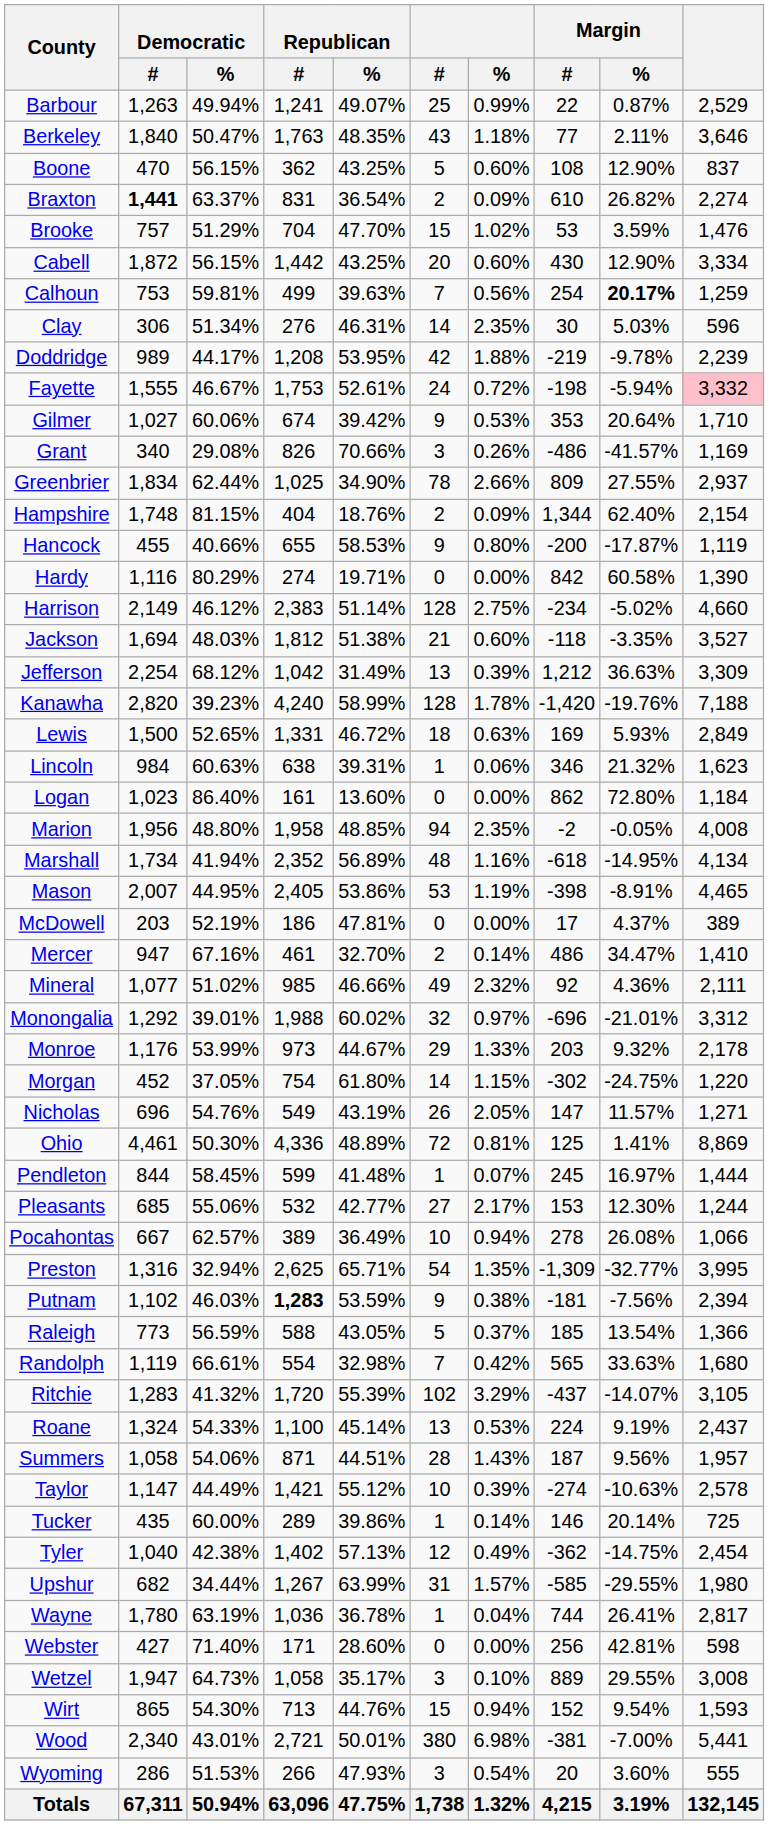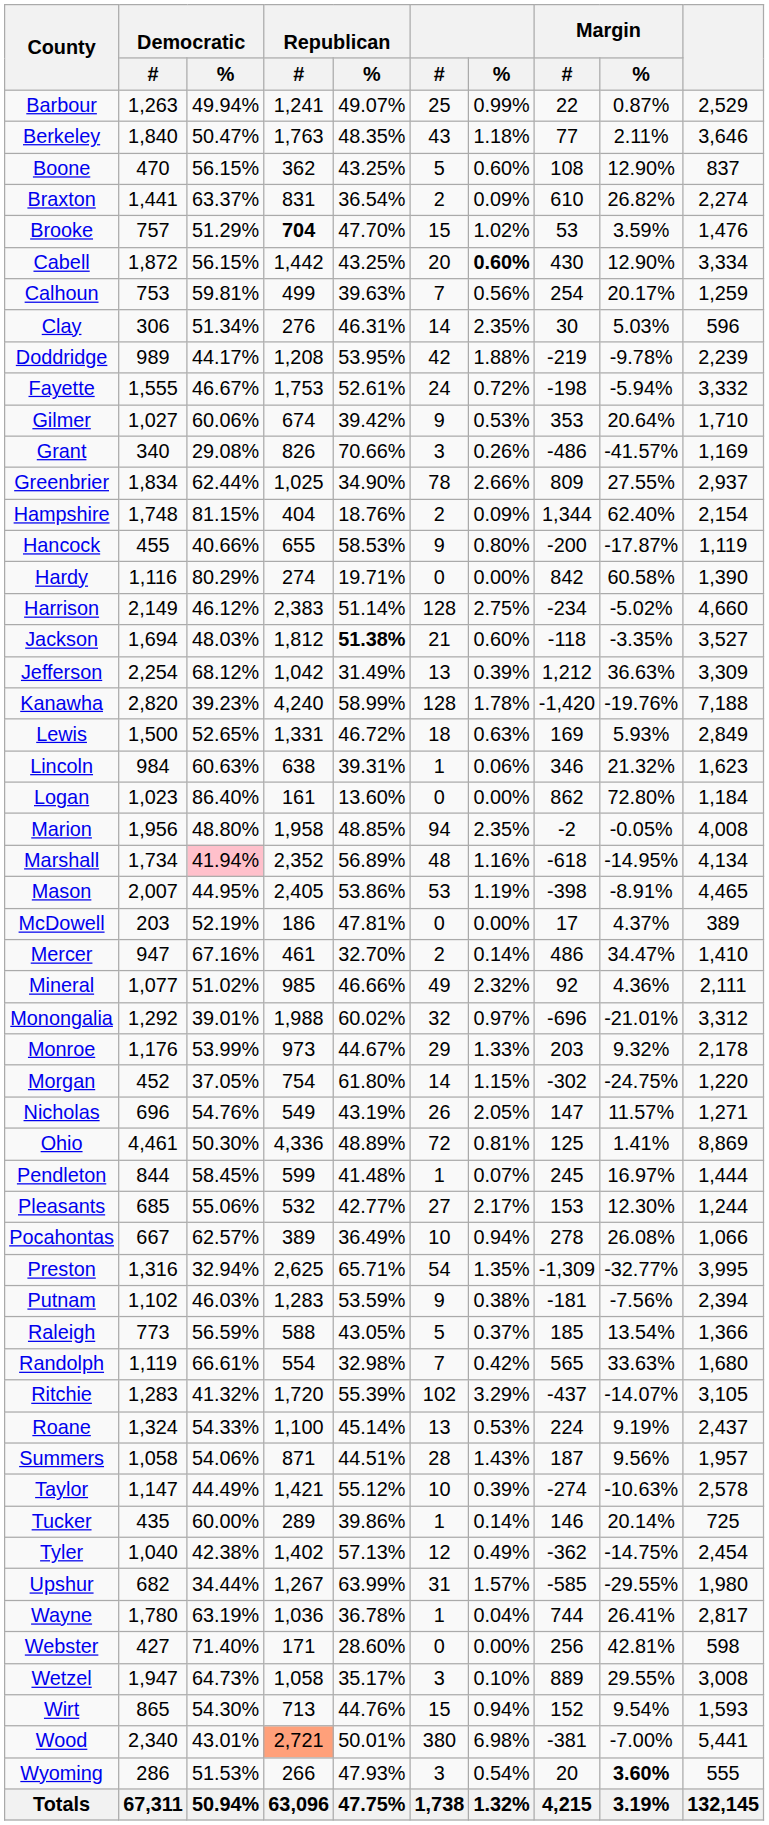 <table class="wikitable sortable mw-collapsible mw-collapsed">
 <tr>
 <th rowspan="2">County</th>
 <th colspan="2"><br>Democratic</th>
 <th colspan="2"><br>Republican</th>
 <th colspan="2"><br></th>
 <th colspan="2">Margin</th>
 <th rowspan="2"></th>
 </tr>
 <tr>
 <th data-sort-type="number">#</th>
 <th data-sort-type="number">%</th>
 <th data-sort-type="number">#</th>
 <th data-sort-type="number">%</th>
 <th data-sort-type="number">#</th>
 <th data-sort-type="number">%</th>
 <th data-sort-type="number">#</th>
 <th data-sort-type="number">%</th>
 </tr>
 <tr style="text-align:center;">
 <td><a href='#'>Barbour</a></td>
 <td>1,263</td>
 <td>49.94%</td>
 <td>1,241</td>
 <td>49.07%</td>
 <td>25</td>
 <td>0.99%</td>
 <td>22</td>
 <td>0.87%</td>
 <td>2,529</td>
 </tr>
 <tr style="text-align:center;">
 <td><a href='#'>Berkeley</a></td>
 <td>1,840</td>
 <td>50.47%</td>
 <td>1,763</td>
 <td>48.35%</td>
 <td>43</td>
 <td>1.18%</td>
 <td>77</td>
 <td>2.11%</td>
 <td>3,646</td>
 </tr>
 <tr style="text-align:center;">
 <td><a href='#'>Boone</a></td>
 <td>470</td>
 <td>56.15%</td>
 <td>362</td>
 <td>43.25%</td>
 <td>5</td>
 <td>0.60%</td>
 <td>108</td>
 <td>12.90%</td>
 <td>837</td>
 </tr>
 <tr style="text-align:center;">
 <td><a href='#'>Braxton</a></td>
-<td><strong>1,441</strong></td>
+<td>1,441</td>
 <td>63.37%</td>
 <td>831</td>
 <td>36.54%</td>
 <td>2</td>
 <td>0.09%</td>
 <td>610</td>
 <td>26.82%</td>
 <td>2,274</td>
 </tr>
 <tr style="text-align:center;">
 <td><a href='#'>Brooke</a></td>
 <td>757</td>
 <td>51.29%</td>
-<td>704</td>
+<td><strong>704</strong></td>
 <td>47.70%</td>
 <td>15</td>
 <td>1.02%</td>
 <td>53</td>
 <td>3.59%</td>
 <td>1,476</td>
 </tr>
 <tr style="text-align:center;">
 <td><a href='#'>Cabell</a></td>
 <td>1,872</td>
 <td>56.15%</td>
 <td>1,442</td>
 <td>43.25%</td>
 <td>20</td>
-<td>0.60%</td>
+<td><strong>0.60%</strong></td>
 <td>430</td>
 <td>12.90%</td>
 <td>3,334</td>
 </tr>
 <tr style="text-align:center;">
 <td><a href='#'>Calhoun</a></td>
 <td>753</td>
 <td>59.81%</td>
 <td>499</td>
 <td>39.63%</td>
 <td>7</td>
 <td>0.56%</td>
 <td>254</td>
-<td><strong>20.17%</strong></td>
+<td>20.17%</td>
 <td>1,259</td>
 </tr>
 <tr style="text-align:center;">
 <td><a href='#'>Clay</a></td>
 <td>306</td>
 <td>51.34%</td>
 <td>276</td>
 <td>46.31%</td>
 <td>14</td>
 <td>2.35%</td>
 <td>30</td>
 <td>5.03%</td>
 <td>596</td>
 </tr>
 <tr style="text-align:center;">
 <td><a href='#'>Doddridge</a></td>
 <td>989</td>
 <td>44.17%</td>
 <td>1,208</td>
 <td>53.95%</td>
 <td>42</td>
 <td>1.88%</td>
 <td>-219</td>
 <td>-9.78%</td>
 <td>2,239</td>
 </tr>
 <tr style="text-align:center;">
 <td><a href='#'>Fayette</a></td>
 <td>1,555</td>
 <td>46.67%</td>
 <td>1,753</td>
 <td>52.61%</td>
 <td>24</td>
 <td>0.72%</td>
 <td>-198</td>
 <td>-5.94%</td>
-<td style="background: pink;">3,332</td>
+<td>3,332</td>
 </tr>
 <tr style="text-align:center;">
 <td><a href='#'>Gilmer</a></td>
 <td>1,027</td>
 <td>60.06%</td>
 <td>674</td>
 <td>39.42%</td>
 <td>9</td>
 <td>0.53%</td>
 <td>353</td>
 <td>20.64%</td>
 <td>1,710</td>
 </tr>
 <tr style="text-align:center;">
 <td><a href='#'>Grant</a></td>
 <td>340</td>
 <td>29.08%</td>
 <td>826</td>
 <td>70.66%</td>
 <td>3</td>
 <td>0.26%</td>
 <td>-486</td>
 <td>-41.57%</td>
 <td>1,169</td>
 </tr>
 <tr style="text-align:center;">
 <td><a href='#'>Greenbrier</a></td>
 <td>1,834</td>
 <td>62.44%</td>
 <td>1,025</td>
 <td>34.90%</td>
 <td>78</td>
 <td>2.66%</td>
 <td>809</td>
 <td>27.55%</td>
 <td>2,937</td>
 </tr>
 <tr style="text-align:center;">
 <td><a href='#'>Hampshire</a></td>
 <td>1,748</td>
 <td>81.15%</td>
 <td>404</td>
 <td>18.76%</td>
 <td>2</td>
 <td>0.09%</td>
 <td>1,344</td>
 <td>62.40%</td>
 <td>2,154</td>
 </tr>
 <tr style="text-align:center;">
 <td><a href='#'>Hancock</a></td>
 <td>455</td>
 <td>40.66%</td>
 <td>655</td>
 <td>58.53%</td>
 <td>9</td>
 <td>0.80%</td>
 <td>-200</td>
 <td>-17.87%</td>
 <td>1,119</td>
 </tr>
 <tr style="text-align:center;">
 <td><a href='#'>Hardy</a></td>
 <td>1,116</td>
 <td>80.29%</td>
 <td>274</td>
 <td>19.71%</td>
 <td>0</td>
 <td>0.00%</td>
 <td>842</td>
 <td>60.58%</td>
 <td>1,390</td>
 </tr>
 <tr style="text-align:center;">
 <td><a href='#'>Harrison</a></td>
 <td>2,149</td>
 <td>46.12%</td>
 <td>2,383</td>
 <td>51.14%</td>
 <td>128</td>
 <td>2.75%</td>
 <td>-234</td>
 <td>-5.02%</td>
 <td>4,660</td>
 </tr>
 <tr style="text-align:center;">
 <td><a href='#'>Jackson</a></td>
 <td>1,694</td>
 <td>48.03%</td>
 <td>1,812</td>
-<td>51.38%</td>
+<td><strong>51.38%</strong></td>
 <td>21</td>
 <td>0.60%</td>
 <td>-118</td>
 <td>-3.35%</td>
 <td>3,527</td>
 </tr>
 <tr style="text-align:center;">
 <td><a href='#'>Jefferson</a></td>
 <td>2,254</td>
 <td>68.12%</td>
 <td>1,042</td>
 <td>31.49%</td>
 <td>13</td>
 <td>0.39%</td>
 <td>1,212</td>
 <td>36.63%</td>
 <td>3,309</td>
 </tr>
 <tr style="text-align:center;">
 <td><a href='#'>Kanawha</a></td>
 <td>2,820</td>
 <td>39.23%</td>
 <td>4,240</td>
 <td>58.99%</td>
 <td>128</td>
 <td>1.78%</td>
 <td>-1,420</td>
 <td>-19.76%</td>
 <td>7,188</td>
 </tr>
 <tr style="text-align:center;">
 <td><a href='#'>Lewis</a></td>
 <td>1,500</td>
 <td>52.65%</td>
 <td>1,331</td>
 <td>46.72%</td>
 <td>18</td>
 <td>0.63%</td>
 <td>169</td>
 <td>5.93%</td>
 <td>2,849</td>
 </tr>
 <tr style="text-align:center;">
 <td><a href='#'>Lincoln</a></td>
 <td>984</td>
 <td>60.63%</td>
 <td>638</td>
 <td>39.31%</td>
 <td>1</td>
 <td>0.06%</td>
 <td>346</td>
 <td>21.32%</td>
 <td>1,623</td>
 </tr>
 <tr style="text-align:center;">
 <td><a href='#'>Logan</a></td>
 <td>1,023</td>
 <td>86.40%</td>
 <td>161</td>
 <td>13.60%</td>
 <td>0</td>
 <td>0.00%</td>
 <td>862</td>
 <td>72.80%</td>
 <td>1,184</td>
 </tr>
 <tr style="text-align:center;">
 <td><a href='#'>Marion</a></td>
 <td>1,956</td>
 <td>48.80%</td>
 <td>1,958</td>
 <td>48.85%</td>
 <td>94</td>
 <td>2.35%</td>
 <td>-2</td>
 <td>-0.05%</td>
 <td>4,008</td>
 </tr>
 <tr style="text-align:center;">
 <td><a href='#'>Marshall</a></td>
 <td>1,734</td>
-<td>41.94%</td>
+<td style="background: pink;">41.94%</td>
 <td>2,352</td>
 <td>56.89%</td>
 <td>48</td>
 <td>1.16%</td>
 <td>-618</td>
 <td>-14.95%</td>
 <td>4,134</td>
 </tr>
 <tr style="text-align:center;">
 <td><a href='#'>Mason</a></td>
 <td>2,007</td>
 <td>44.95%</td>
 <td>2,405</td>
 <td>53.86%</td>
 <td>53</td>
 <td>1.19%</td>
 <td>-398</td>
 <td>-8.91%</td>
 <td>4,465</td>
 </tr>
 <tr style="text-align:center;">
 <td><a href='#'>McDowell</a></td>
 <td>203</td>
 <td>52.19%</td>
 <td>186</td>
 <td>47.81%</td>
 <td>0</td>
 <td>0.00%</td>
 <td>17</td>
 <td>4.37%</td>
 <td>389</td>
 </tr>
 <tr style="text-align:center;">
 <td><a href='#'>Mercer</a></td>
 <td>947</td>
 <td>67.16%</td>
 <td>461</td>
 <td>32.70%</td>
 <td>2</td>
 <td>0.14%</td>
 <td>486</td>
 <td>34.47%</td>
 <td>1,410</td>
 </tr>
 <tr style="text-align:center;">
 <td><a href='#'>Mineral</a></td>
 <td>1,077</td>
 <td>51.02%</td>
 <td>985</td>
 <td>46.66%</td>
 <td>49</td>
 <td>2.32%</td>
 <td>92</td>
 <td>4.36%</td>
 <td>2,111</td>
 </tr>
 <tr style="text-align:center;">
 <td><a href='#'>Monongalia</a></td>
 <td>1,292</td>
 <td>39.01%</td>
 <td>1,988</td>
 <td>60.02%</td>
 <td>32</td>
 <td>0.97%</td>
 <td>-696</td>
 <td>-21.01%</td>
 <td>3,312</td>
 </tr>
 <tr style="text-align:center;">
 <td><a href='#'>Monroe</a></td>
 <td>1,176</td>
 <td>53.99%</td>
 <td>973</td>
 <td>44.67%</td>
 <td>29</td>
 <td>1.33%</td>
 <td>203</td>
 <td>9.32%</td>
 <td>2,178</td>
 </tr>
 <tr style="text-align:center;">
 <td><a href='#'>Morgan</a></td>
 <td>452</td>
 <td>37.05%</td>
 <td>754</td>
 <td>61.80%</td>
 <td>14</td>
 <td>1.15%</td>
 <td>-302</td>
 <td>-24.75%</td>
 <td>1,220</td>
 </tr>
 <tr style="text-align:center;">
 <td><a href='#'>Nicholas</a></td>
 <td>696</td>
 <td>54.76%</td>
 <td>549</td>
 <td>43.19%</td>
 <td>26</td>
 <td>2.05%</td>
 <td>147</td>
 <td>11.57%</td>
 <td>1,271</td>
 </tr>
 <tr style="text-align:center;">
 <td><a href='#'>Ohio</a></td>
 <td>4,461</td>
 <td>50.30%</td>
 <td>4,336</td>
 <td>48.89%</td>
 <td>72</td>
 <td>0.81%</td>
 <td>125</td>
 <td>1.41%</td>
 <td>8,869</td>
 </tr>
 <tr style="text-align:center;">
 <td><a href='#'>Pendleton</a></td>
 <td>844</td>
 <td>58.45%</td>
 <td>599</td>
 <td>41.48%</td>
 <td>1</td>
 <td>0.07%</td>
 <td>245</td>
 <td>16.97%</td>
 <td>1,444</td>
 </tr>
 <tr style="text-align:center;">
 <td><a href='#'>Pleasants</a></td>
 <td>685</td>
 <td>55.06%</td>
 <td>532</td>
 <td>42.77%</td>
 <td>27</td>
 <td>2.17%</td>
 <td>153</td>
 <td>12.30%</td>
 <td>1,244</td>
 </tr>
 <tr style="text-align:center;">
 <td><a href='#'>Pocahontas</a></td>
 <td>667</td>
 <td>62.57%</td>
 <td>389</td>
 <td>36.49%</td>
 <td>10</td>
 <td>0.94%</td>
 <td>278</td>
 <td>26.08%</td>
 <td>1,066</td>
 </tr>
 <tr style="text-align:center;">
 <td><a href='#'>Preston</a></td>
 <td>1,316</td>
 <td>32.94%</td>
 <td>2,625</td>
 <td>65.71%</td>
 <td>54</td>
 <td>1.35%</td>
 <td>-1,309</td>
 <td>-32.77%</td>
 <td>3,995</td>
 </tr>
 <tr style="text-align:center;">
 <td><a href='#'>Putnam</a></td>
 <td>1,102</td>
 <td>46.03%</td>
-<td><strong>1,283</strong></td>
+<td>1,283</td>
 <td>53.59%</td>
 <td>9</td>
 <td>0.38%</td>
 <td>-181</td>
 <td>-7.56%</td>
 <td>2,394</td>
 </tr>
 <tr style="text-align:center;">
 <td><a href='#'>Raleigh</a></td>
 <td>773</td>
 <td>56.59%</td>
 <td>588</td>
 <td>43.05%</td>
 <td>5</td>
 <td>0.37%</td>
 <td>185</td>
 <td>13.54%</td>
 <td>1,366</td>
 </tr>
 <tr style="text-align:center;">
 <td><a href='#'>Randolph</a></td>
 <td>1,119</td>
 <td>66.61%</td>
 <td>554</td>
 <td>32.98%</td>
 <td>7</td>
 <td>0.42%</td>
 <td>565</td>
 <td>33.63%</td>
 <td>1,680</td>
 </tr>
 <tr style="text-align:center;">
 <td><a href='#'>Ritchie</a></td>
 <td>1,283</td>
 <td>41.32%</td>
 <td>1,720</td>
 <td>55.39%</td>
 <td>102</td>
 <td>3.29%</td>
 <td>-437</td>
 <td>-14.07%</td>
 <td>3,105</td>
 </tr>
 <tr style="text-align:center;">
 <td><a href='#'>Roane</a></td>
 <td>1,324</td>
 <td>54.33%</td>
 <td>1,100</td>
 <td>45.14%</td>
 <td>13</td>
 <td>0.53%</td>
 <td>224</td>
 <td>9.19%</td>
 <td>2,437</td>
 </tr>
 <tr style="text-align:center;">
 <td><a href='#'>Summers</a></td>
 <td>1,058</td>
 <td>54.06%</td>
 <td>871</td>
 <td>44.51%</td>
 <td>28</td>
 <td>1.43%</td>
 <td>187</td>
 <td>9.56%</td>
 <td>1,957</td>
 </tr>
 <tr style="text-align:center;">
 <td><a href='#'>Taylor</a></td>
 <td>1,147</td>
 <td>44.49%</td>
 <td>1,421</td>
 <td>55.12%</td>
 <td>10</td>
 <td>0.39%</td>
 <td>-274</td>
 <td>-10.63%</td>
 <td>2,578</td>
 </tr>
 <tr style="text-align:center;">
 <td><a href='#'>Tucker</a></td>
 <td>435</td>
 <td>60.00%</td>
 <td>289</td>
 <td>39.86%</td>
 <td>1</td>
 <td>0.14%</td>
 <td>146</td>
 <td>20.14%</td>
 <td>725</td>
 </tr>
 <tr style="text-align:center;">
 <td><a href='#'>Tyler</a></td>
 <td>1,040</td>
 <td>42.38%</td>
 <td>1,402</td>
 <td>57.13%</td>
 <td>12</td>
 <td>0.49%</td>
 <td>-362</td>
 <td>-14.75%</td>
 <td>2,454</td>
 </tr>
 <tr style="text-align:center;">
 <td><a href='#'>Upshur</a></td>
 <td>682</td>
 <td>34.44%</td>
 <td>1,267</td>
 <td>63.99%</td>
 <td>31</td>
 <td>1.57%</td>
 <td>-585</td>
 <td>-29.55%</td>
 <td>1,980</td>
 </tr>
 <tr style="text-align:center;">
 <td><a href='#'>Wayne</a></td>
 <td>1,780</td>
 <td>63.19%</td>
 <td>1,036</td>
 <td>36.78%</td>
 <td>1</td>
 <td>0.04%</td>
 <td>744</td>
 <td>26.41%</td>
 <td>2,817</td>
 </tr>
 <tr style="text-align:center;">
 <td><a href='#'>Webster</a></td>
 <td>427</td>
 <td>71.40%</td>
 <td>171</td>
 <td>28.60%</td>
 <td>0</td>
 <td>0.00%</td>
 <td>256</td>
 <td>42.81%</td>
 <td>598</td>
 </tr>
 <tr style="text-align:center;">
 <td><a href='#'>Wetzel</a></td>
 <td>1,947</td>
 <td>64.73%</td>
 <td>1,058</td>
 <td>35.17%</td>
 <td>3</td>
 <td>0.10%</td>
 <td>889</td>
 <td>29.55%</td>
 <td>3,008</td>
 </tr>
 <tr style="text-align:center;">
 <td><a href='#'>Wirt</a></td>
 <td>865</td>
 <td>54.30%</td>
 <td>713</td>
 <td>44.76%</td>
 <td>15</td>
 <td>0.94%</td>
 <td>152</td>
 <td>9.54%</td>
 <td>1,593</td>
 </tr>
 <tr style="text-align:center;">
 <td><a href='#'>Wood</a></td>
 <td>2,340</td>
 <td>43.01%</td>
-<td>2,721</td>
+<td style="background: lightsalmon;">2,721</td>
 <td>50.01%</td>
 <td>380</td>
 <td>6.98%</td>
 <td>-381</td>
 <td>-7.00%</td>
 <td>5,441</td>
 </tr>
 <tr style="text-align:center;">
 <td><a href='#'>Wyoming</a></td>
 <td>286</td>
 <td>51.53%</td>
 <td>266</td>
 <td>47.93%</td>
 <td>3</td>
 <td>0.54%</td>
 <td>20</td>
-<td>3.60%</td>
+<td><strong>3.60%</strong></td>
 <td>555</td>
 </tr>
 <tr>
 <th>Totals</th>
 <th>67,311</th>
 <th>50.94%</th>
 <th>63,096</th>
 <th>47.75%</th>
 <th>1,738</th>
 <th>1.32%</th>
 <th>4,215</th>
 <th>3.19%</th>
 <th>132,145</th>
 </tr>
 </table>
